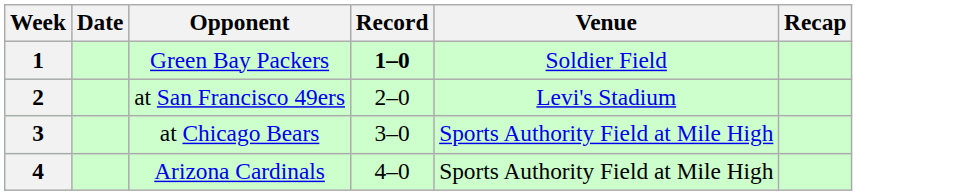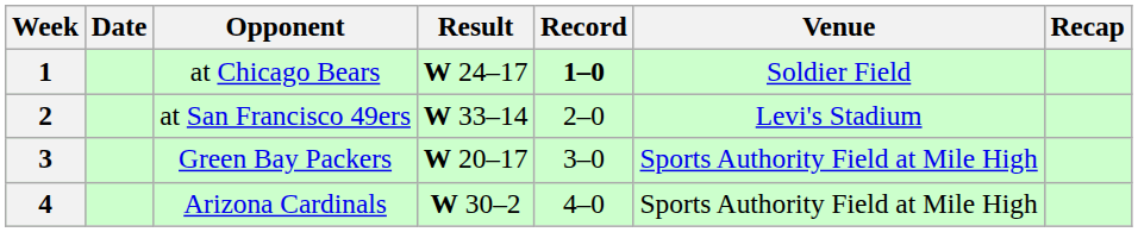 <table class="wikitable" style="text-align:center">
 <tr>
 <th>Week</th>
 <th>Date</th>
 <th>Opponent</th>
+<th>Result</th>
 <th>Record</th>
 <th>Venue</th>
 <th>Recap</th>
 </tr>
 <tr style="background:#cfc">
 <th>1</th>
 <td></td>
-<td><a href='#'>Green Bay Packers</a></td>
+<td>at <a href='#'>Chicago Bears</a></td>
+<td><strong>W</strong> 24–17</td>
 <td><strong>1–0</strong></td>
 <td><a href='#'>Soldier Field</a></td>
 <td></td>
 </tr>
 <tr style="background:#cfc">
 <th>2</th>
 <td></td>
 <td>at <a href='#'>San Francisco 49ers</a></td>
+<td><strong>W</strong> 33–14</td>
 <td>2–0</td>
 <td><a href='#'>Levi's Stadium</a></td>
 <td></td>
 </tr>
 <tr style="background:#cfc">
 <th>3</th>
 <td></td>
-<td>at <a href='#'>Chicago Bears</a></td>
+<td><a href='#'>Green Bay Packers</a></td>
+<td><strong>W</strong> 20–17</td>
 <td>3–0</td>
 <td><a href='#'>Sports Authority Field at Mile High</a></td>
 <td></td>
 </tr>
 <tr style="background:#cfc">
 <th>4</th>
 <td></td>
 <td><a href='#'>Arizona Cardinals</a></td>
+<td><strong>W</strong> 30–2</td>
 <td>4–0</td>
 <td>Sports Authority Field at Mile High</td>
 <td></td>
 </tr>
 </table>
